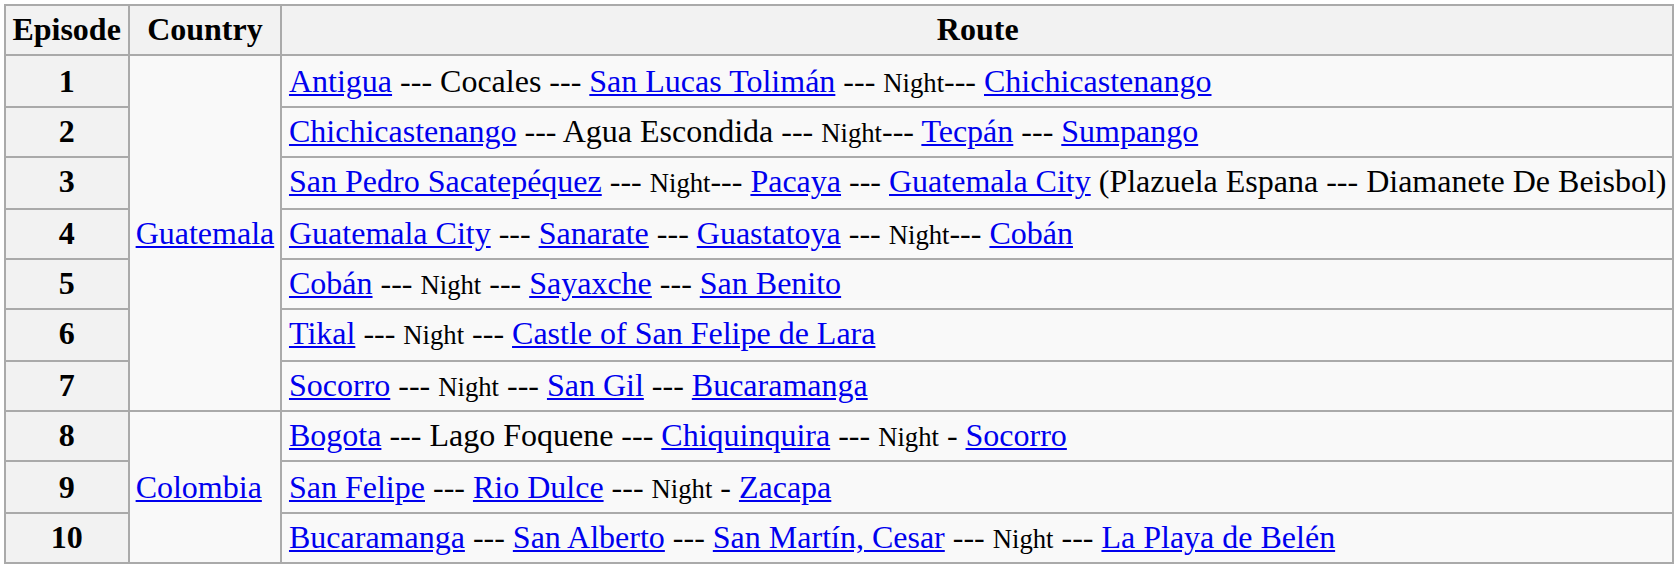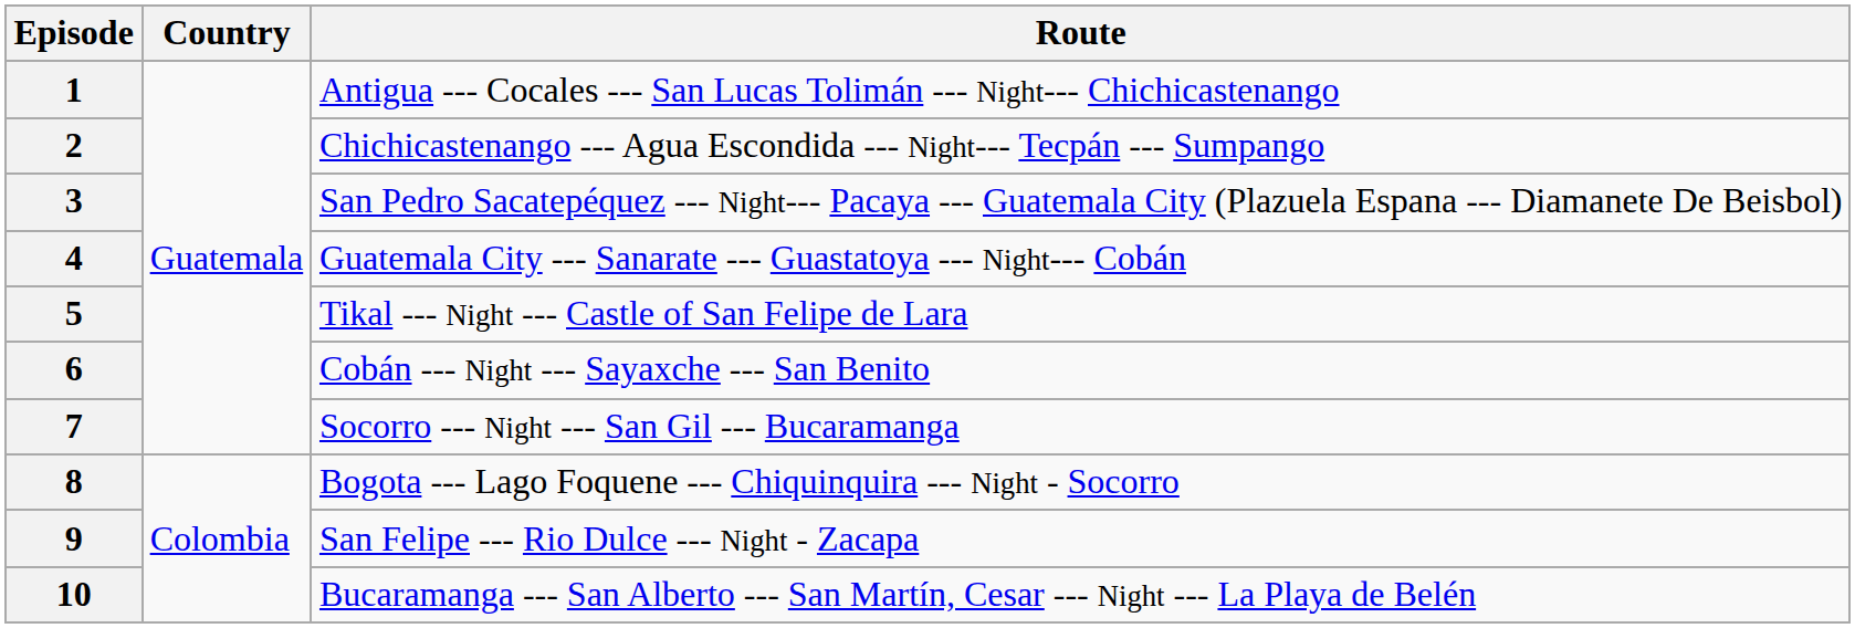 <table class="wikitable">
 <tr>
 <th>Episode</th>
 <th>Country</th>
 <th>Route</th>
 </tr>
 <tr>
 <th>1</th>
 <td rowspan=7><a href='#'>Guatemala</a></td>
 <td><a href='#'>Antigua</a> --- Cocales --- <a href='#'>San Lucas Tolimán</a> --- <small>Night</small>--- <a href='#'>Chichicastenango</a></td>
 </tr>
 <tr>
 <th>2</th>
 <td><a href='#'>Chichicastenango</a> --- Agua Escondida --- <small>Night</small>--- <a href='#'>Tecpán</a> --- <a href='#'>Sumpango</a></td>
 </tr>
 <tr>
 <th>3</th>
 <td><a href='#'>San Pedro Sacatepéquez</a> --- <small>Night</small>--- <a href='#'>Pacaya</a> --- <a href='#'>Guatemala City</a> (Plazuela Espana --- Diamanete De Beisbol)</td>
 </tr>
 <tr>
 <th>4</th>
 <td><a href='#'>Guatemala City</a> --- <a href='#'>Sanarate</a> --- <a href='#'>Guastatoya</a> --- <small>Night</small>--- <a href='#'>Cobán</a></td>
 </tr>
 <tr>
 <th>5</th>
-<td><a href='#'>Cobán</a> --- <small>Night</small> --- <a href='#'>Sayaxche</a> --- <a href='#'>San Benito</a></td>
+<td><a href='#'>Tikal</a> --- <small>Night</small> --- <a href='#'>Castle of San Felipe de Lara</a></td>
 </tr>
 <tr>
 <th>6</th>
-<td><a href='#'>Tikal</a> --- <small>Night</small> --- <a href='#'>Castle of San Felipe de Lara</a></td>
+<td><a href='#'>Cobán</a> --- <small>Night</small> --- <a href='#'>Sayaxche</a> --- <a href='#'>San Benito</a></td>
 </tr>
 <tr>
 <th>7</th>
 <td><a href='#'>Socorro</a>  --- <small>Night</small> --- <a href='#'>San Gil</a> --- <a href='#'>Bucaramanga</a></td>
 </tr>
 <tr>
 <th>8</th>
 <td rowspan=6><a href='#'>Colombia</a></td>
 <td><a href='#'>Bogota</a> --- Lago Foquene  --- <a href='#'>Chiquinquira</a> --- <small>Night</small> - <a href='#'>Socorro</a></td>
 </tr>
 <tr>
 <th>9</th>
 <td><a href='#'>San Felipe</a> --- <a href='#'>Rio Dulce</a> --- <small>Night</small> - <a href='#'>Zacapa</a></td>
 </tr>
 <tr>
 <th>10</th>
 <td><a href='#'>Bucaramanga</a> --- <a href='#'>San Alberto</a> --- <a href='#'>San Martín, Cesar</a> --- <small>Night</small> --- <a href='#'>La Playa de Belén</a></td>
 </tr>
 </table>
